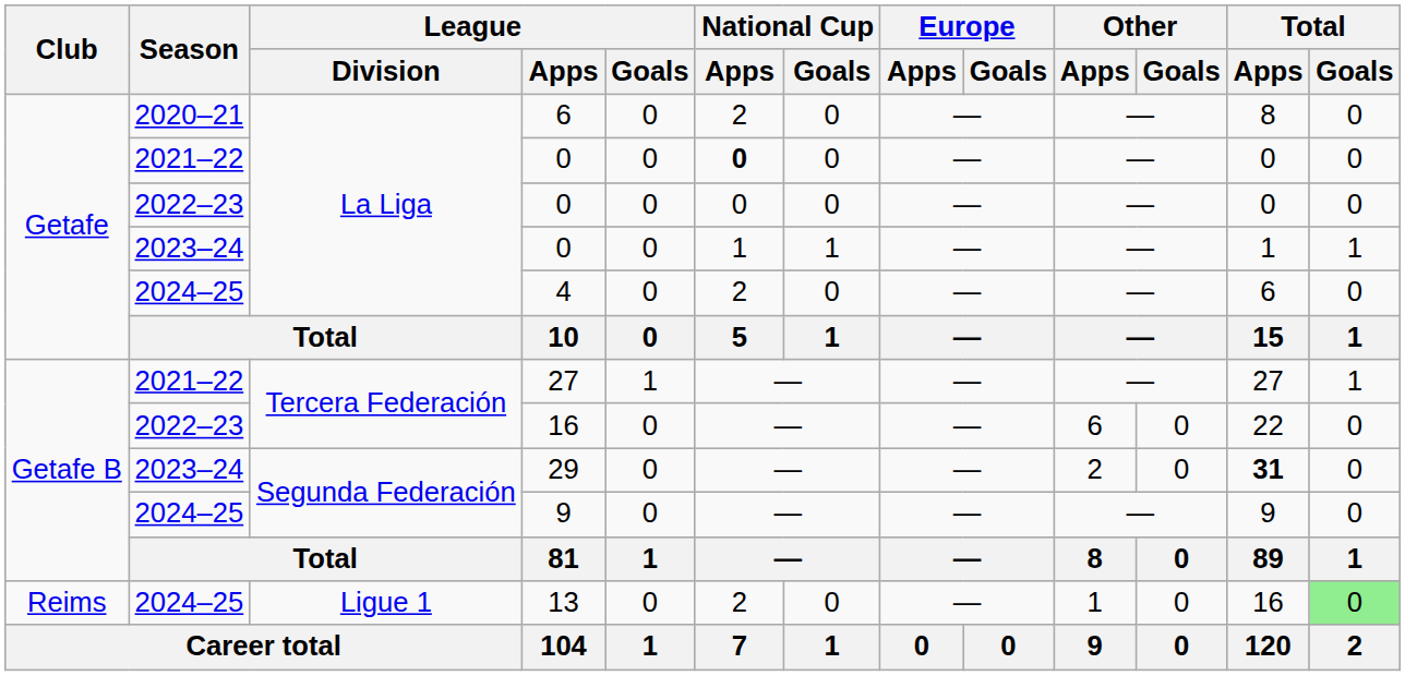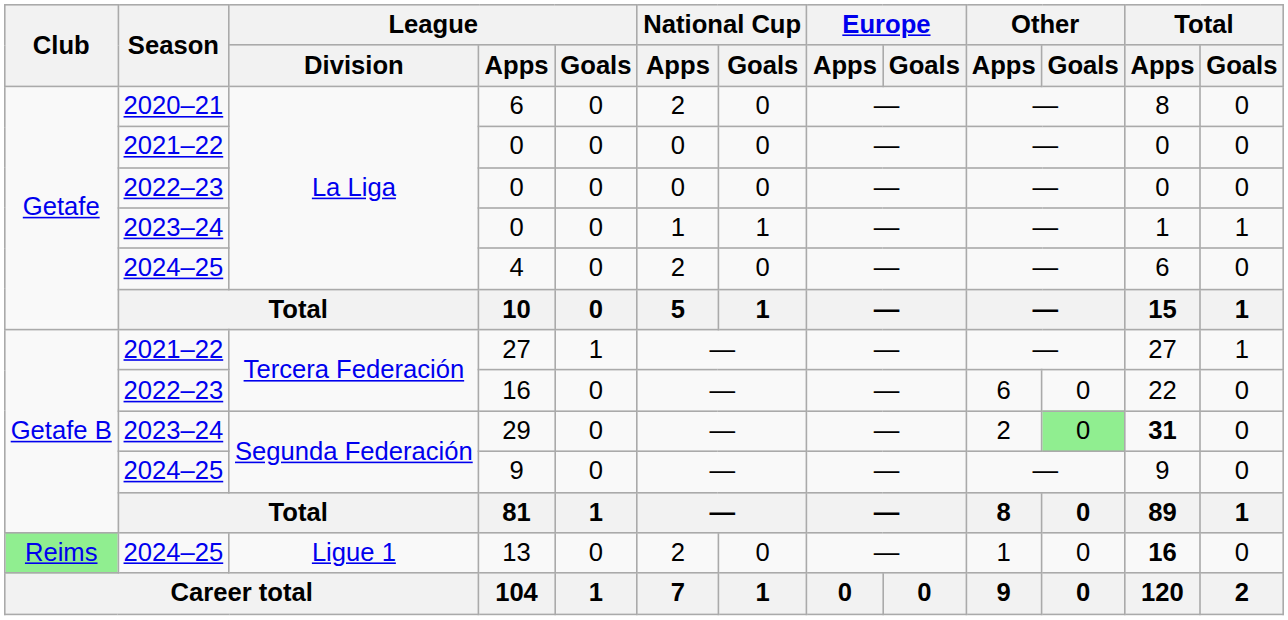 <table class="wikitable" style="text-align:center">
 <tr>
 <th rowspan="2">Club</th>
 <th rowspan="2">Season</th>
 <th colspan="3">League</th>
 <th colspan="2">National Cup</th>
 <th colspan="2"><a href='#'>Europe</a></th>
 <th colspan="2">Other</th>
 <th colspan="2">Total</th>
 </tr>
 <tr>
 <th>Division</th>
 <th>Apps</th>
 <th>Goals</th>
 <th>Apps</th>
 <th>Goals</th>
 <th>Apps</th>
 <th>Goals</th>
 <th>Apps</th>
 <th>Goals</th>
 <th>Apps</th>
 <th>Goals</th>
 </tr>
 <tr>
 <td rowspan="6"><a href='#'>Getafe</a></td>
 <td><a href='#'>2020–21</a></td>
 <td rowspan="5"><a href='#'>La Liga</a></td>
 <td>6</td>
 <td>0</td>
 <td>2</td>
 <td>0</td>
 <td colspan="2">—</td>
 <td colspan="2">—</td>
 <td>8</td>
 <td>0</td>
 </tr>
 <tr>
 <td><a href='#'>2021–22</a></td>
 <td>0</td>
 <td>0</td>
-<td><strong>0</strong></td>
+<td>0</td>
 <td>0</td>
 <td colspan="2">—</td>
 <td colspan="2">—</td>
 <td>0</td>
 <td>0</td>
 </tr>
 <tr>
 <td><a href='#'>2022–23</a></td>
 <td>0</td>
 <td>0</td>
 <td>0</td>
 <td>0</td>
 <td colspan="2">—</td>
 <td colspan="2">—</td>
 <td>0</td>
 <td>0</td>
 </tr>
 <tr>
 <td><a href='#'>2023–24</a></td>
 <td>0</td>
 <td>0</td>
 <td>1</td>
 <td>1</td>
 <td colspan="2">—</td>
 <td colspan="2">—</td>
 <td>1</td>
 <td>1</td>
 </tr>
 <tr>
 <td><a href='#'>2024–25</a></td>
 <td>4</td>
 <td>0</td>
 <td>2</td>
 <td>0</td>
 <td colspan="2">—</td>
 <td colspan="2">—</td>
 <td>6</td>
 <td>0</td>
 </tr>
 <tr>
 <th colspan="2">Total</th>
 <th>10</th>
 <th>0</th>
 <th>5</th>
 <th>1</th>
 <th colspan="2">—</th>
 <th colspan="2">—</th>
 <th>15</th>
 <th>1</th>
 </tr>
 <tr>
 <td rowspan="5"><a href='#'>Getafe B</a></td>
 <td><a href='#'>2021–22</a></td>
 <td rowspan="2"><a href='#'>Tercera Federación</a></td>
 <td>27</td>
 <td>1</td>
 <td colspan="2">—</td>
 <td colspan="2">—</td>
 <td colspan="2">—</td>
 <td>27</td>
 <td>1</td>
 </tr>
 <tr>
 <td><a href='#'>2022–23</a></td>
 <td>16</td>
 <td>0</td>
 <td colspan="2">—</td>
 <td colspan="2">—</td>
 <td>6</td>
 <td>0</td>
 <td>22</td>
 <td>0</td>
 </tr>
 <tr>
 <td><a href='#'>2023–24</a></td>
 <td rowspan="2"><a href='#'>Segunda Federación</a></td>
 <td>29</td>
 <td>0</td>
 <td colspan="2">—</td>
 <td colspan="2">—</td>
 <td>2</td>
-<td>0</td>
+<td style="background: lightgreen;">0</td>
 <td><strong>31</strong></td>
 <td>0</td>
 </tr>
 <tr>
 <td><a href='#'>2024–25</a></td>
 <td>9</td>
 <td>0</td>
 <td colspan="2">—</td>
 <td colspan="2">—</td>
 <td colspan="2">—</td>
 <td>9</td>
 <td>0</td>
 </tr>
 <tr>
 <th colspan="2">Total</th>
 <th>81</th>
 <th>1</th>
 <th colspan="2">—</th>
 <th colspan="2">—</th>
 <th>8</th>
 <th>0</th>
 <th>89</th>
 <th>1</th>
 </tr>
 <tr>
-<td><a href='#'>Reims</a></td>
+<td style="background: lightgreen;"><a href='#'>Reims</a></td>
 <td><a href='#'>2024–25</a></td>
 <td><a href='#'>Ligue 1</a></td>
 <td>13</td>
 <td>0</td>
 <td>2</td>
 <td>0</td>
 <td colspan="2">—</td>
 <td>1</td>
 <td>0</td>
-<td>16</td>
-<td style="background: lightgreen;">0</td>
+<td><strong>16</strong></td>
+<td>0</td>
 </tr>
 <tr>
 <th colspan="3">Career total</th>
 <th>104</th>
 <th>1</th>
 <th>7</th>
 <th>1</th>
 <th>0</th>
 <th>0</th>
 <th>9</th>
 <th>0</th>
 <th>120</th>
 <th>2</th>
 </tr>
 </table>
